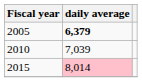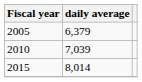 <table class="wikitable">
 <tr>
 <th>Fiscal year</th>
 <th>daily average</th>
 <th></th>
 </tr>
 <tr>
 <td>2005</td>
-<td><strong>6,379</strong></td>
+<td>6,379</td>
 <td></td>
 </tr>
 <tr>
 <td>2010</td>
 <td>7,039</td>
 <td></td>
 </tr>
 <tr>
 <td>2015</td>
-<td style="background: pink;">8,014</td>
+<td>8,014</td>
 <td></td>
 </tr>
 <tr>
 </tr>
 </table>
